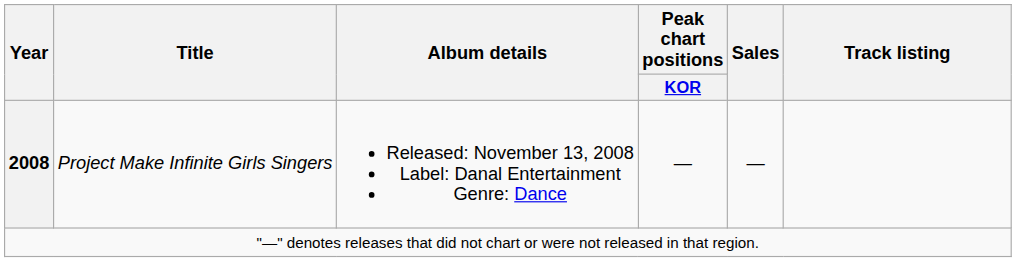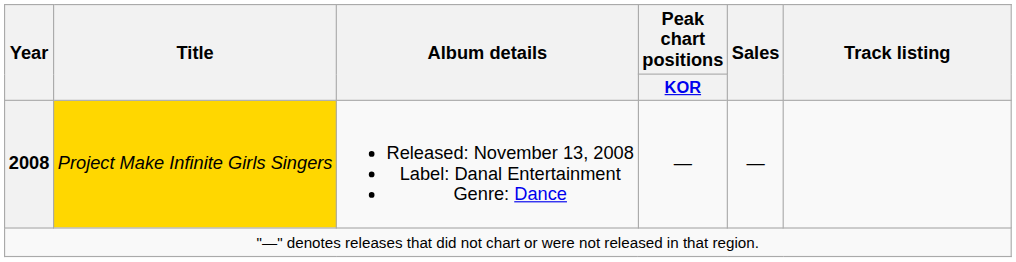 <table class="wikitable plainrowheaders" style="text-align:center">
 <tr>
 <th scope="col" rowspan="2">Year</th>
 <th scope="col" rowspan="2">Title</th>
 <th scope="col" rowspan="2">Album details</th>
 <th scope="col" colspan="1">Peak chart<br>positions</th>
 <th scope="col" rowspan="2">Sales</th>
 <th scope="col" rowspan="2" style="width:12em;">Track listing</th>
 </tr>
 <tr>
 <th scope="col" style="width:3em;font-size:90%;"><a href='#'>KOR</a><br></th>
 </tr>
 <tr>
 <th>2008</th>
-<td align="left"><em>Project Make Infinite Girls Singers</em><br> </td>
+<td align="left" style="background: gold;"><em>Project Make Infinite Girls Singers</em><br> </td>
 <td><br><ul><li>Released: November 13, 2008</li><li>Label: Danal Entertainment</li><li>Genre: <a href='#'>Dance</a></li></ul></td>
 <td>—</td>
 <td>—</td>
 <td></td>
 </tr>
 <tr>
 <td colspan="6"><small>"—" denotes releases that did not chart or were not released in that region.</small></td>
 </tr>
 </table>
